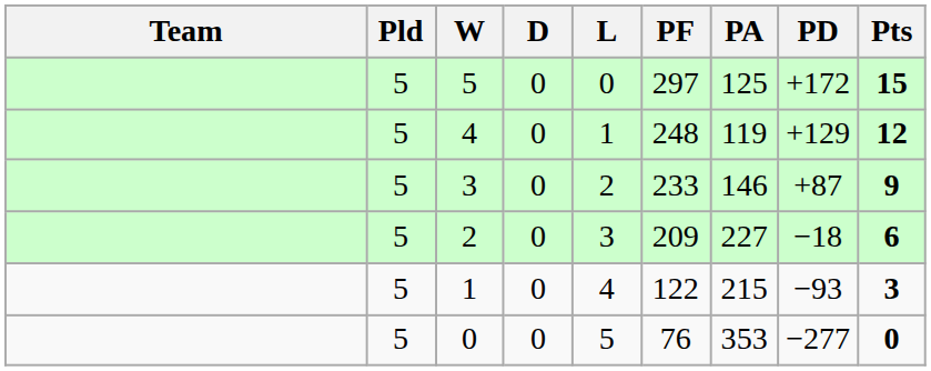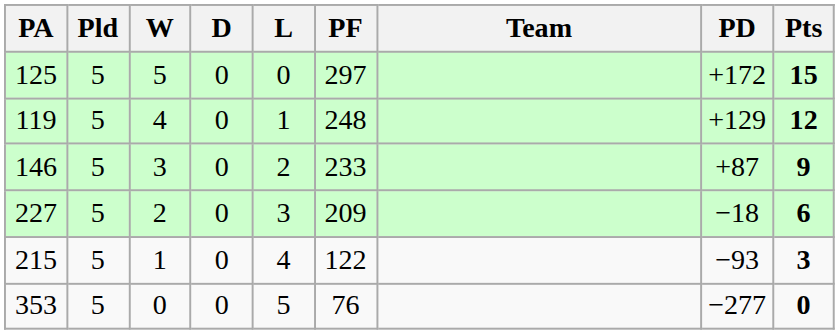 <table class="wikitable" style="text-align: center; font-size:90% ">
 <tr>
-<th width=160>Team</th>
+<th width=25>PA</th>
 <th width=25>Pld</th>
 <th width=25>W</th>
 <th width=25>D</th>
 <th width=25>L</th>
 <th width=25>PF</th>
-<th width=25>PA</th>
+<th width=160>Team</th>
 <th width=25>PD</th>
 <th width=25>Pts</th>
 </tr>
 <tr bgcolor=ccffcc>
-<td align=left></td>
+<td>125</td>
 <td>5</td>
 <td>5</td>
 <td>0</td>
 <td>0</td>
 <td>297</td>
-<td>125</td>
+<td align=left></td>
 <td>+172</td>
 <td><strong>15</strong></td>
 </tr>
 <tr bgcolor=ccffcc>
-<td align=left></td>
+<td>119</td>
 <td>5</td>
 <td>4</td>
 <td>0</td>
 <td>1</td>
 <td>248</td>
-<td>119</td>
+<td align=left></td>
 <td>+129</td>
 <td><strong>12</strong></td>
 </tr>
 <tr bgcolor=ccffcc>
-<td align=left></td>
+<td>146</td>
 <td>5</td>
 <td>3</td>
 <td>0</td>
 <td>2</td>
 <td>233</td>
-<td>146</td>
+<td align=left></td>
 <td>+87</td>
 <td><strong>9</strong></td>
 </tr>
 <tr bgcolor=ccffcc>
-<td align=left></td>
+<td>227</td>
 <td>5</td>
 <td>2</td>
 <td>0</td>
 <td>3</td>
 <td>209</td>
-<td>227</td>
+<td align=left></td>
 <td>−18</td>
 <td><strong>6</strong></td>
 </tr>
 <tr>
-<td align=left></td>
+<td>215</td>
 <td>5</td>
 <td>1</td>
 <td>0</td>
 <td>4</td>
 <td>122</td>
-<td>215</td>
+<td align=left></td>
 <td>−93</td>
 <td><strong>3</strong></td>
 </tr>
 <tr>
-<td align=left></td>
+<td>353</td>
 <td>5</td>
 <td>0</td>
 <td>0</td>
 <td>5</td>
 <td>76</td>
-<td>353</td>
+<td align=left></td>
 <td>−277</td>
 <td><strong>0</strong></td>
 </tr>
 </table>
